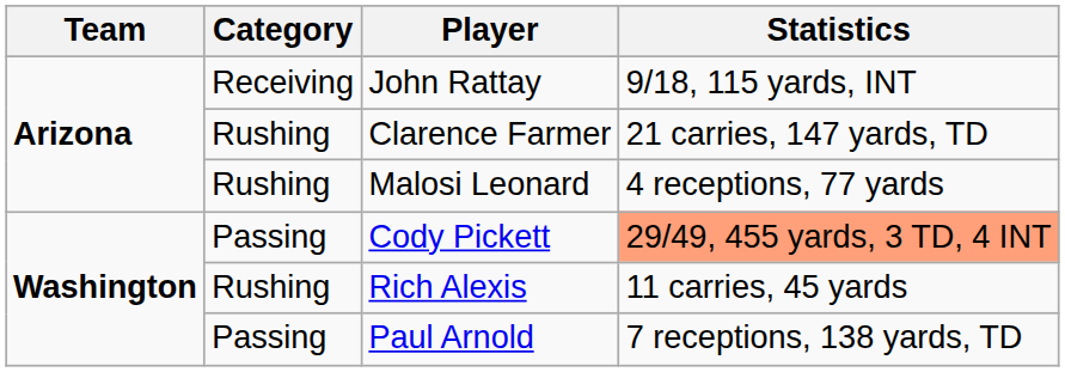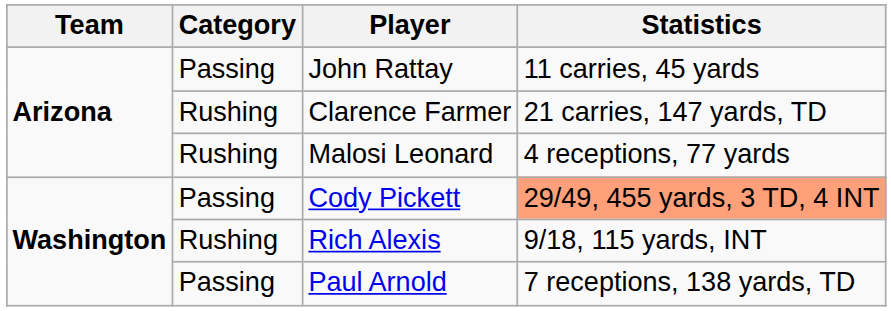 <table class="wikitable" style="float: right;">
 <tr>
 <th>Team</th>
 <th>Category</th>
 <th>Player</th>
 <th>Statistics</th>
 </tr>
 <tr>
 <td rowspan=3><strong>Arizona</strong></td>
-<td>Receiving</td>
+<td>Passing</td>
 <td>John Rattay</td>
-<td>9/18, 115 yards, INT</td>
+<td>11 carries, 45 yards</td>
 </tr>
 <tr>
 <td>Rushing</td>
 <td>Clarence Farmer</td>
 <td>21 carries, 147 yards, TD</td>
 </tr>
 <tr>
 <td>Rushing</td>
 <td>Malosi Leonard</td>
 <td>4 receptions, 77 yards</td>
 </tr>
 <tr>
 <td rowspan=3><strong>Washington</strong></td>
 <td>Passing</td>
 <td><a href='#'>Cody Pickett</a></td>
 <td style="background: lightsalmon;">29/49, 455 yards, 3 TD, 4 INT</td>
 </tr>
 <tr>
 <td>Rushing</td>
 <td><a href='#'>Rich Alexis</a></td>
-<td>11 carries, 45 yards</td>
+<td>9/18, 115 yards, INT</td>
 </tr>
 <tr>
 <td>Passing</td>
 <td><a href='#'>Paul Arnold</a></td>
 <td>7 receptions, 138 yards, TD</td>
 </tr>
 </table>
